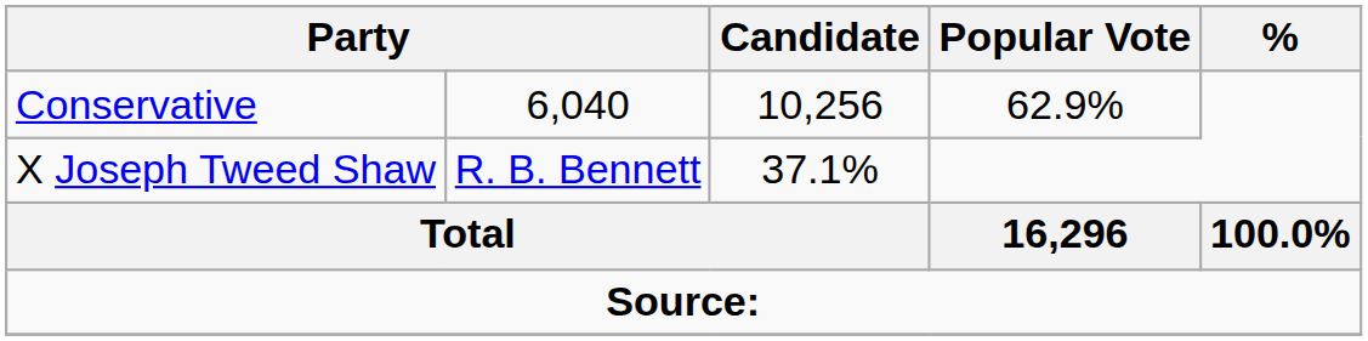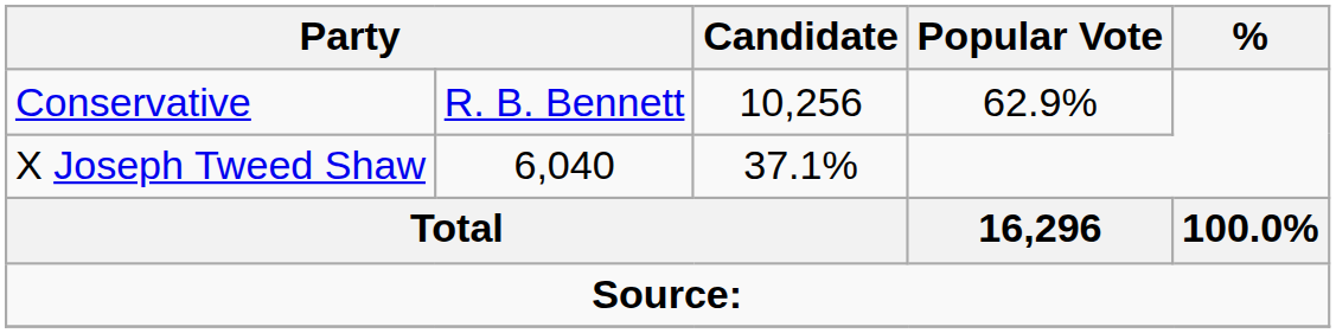 <table class="wikitable">
 <tr>
 <th colspan="2">Party</th>
 <th>Candidate</th>
 <th>Popular Vote</th>
 <th>%</th>
 </tr>
 <tr>
 <td><a href='#'>Conservative</a></td>
-<td align=center>6,040</td>
+<td> <a href='#'>R. B. Bennett</a></td>
 <td align=center>10,256</td>
 <td align=center>62.9%</td>
 </tr>
 <tr>
 <td>X <a href='#'>Joseph Tweed Shaw</a></td>
-<td> <a href='#'>R. B. Bennett</a></td>
+<td align=center>6,040</td>
 <td align=center>37.1%</td>
 </tr>
 <tr>
 <th colspan=3>Total</th>
 <th>16,296</th>
 <th>100.0%</th>
 </tr>
 <tr>
 <td align="center" colspan=5><strong>Source:</strong> </td>
 </tr>
 <tr>
 </tr>
 </table>
